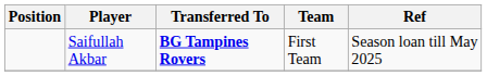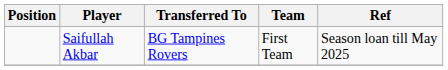 <table class="wikitable sortable" style="width:80%; text-align:center; font-size:100%; text-align:left;">
 <tr>
 <th><strong>Position</strong></th>
 <th><strong>Player</strong></th>
 <th><strong>Transferred To</strong></th>
 <th><strong>Team</strong></th>
 <th><strong>Ref</strong></th>
 </tr>
 <tr>
 <td></td>
 <td> <a href='#'>Saifullah Akbar</a></td>
-<td><strong> <a href='#'>BG Tampines Rovers</a></strong></td>
+<td> <a href='#'>BG Tampines Rovers</a></td>
 <td>First Team</td>
 <td>Season loan till May 2025</td>
 </tr>
 <tr>
 </tr>
 </table>
